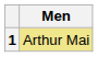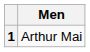 <table class="wikitable">
 <tr>
 <th></th>
 <th>Men</th>
 </tr>
 <tr>
 <th>1</th>
-<td style="background: khaki;">Arthur Mai</td>
+<td>Arthur Mai</td>
 </tr>
 </table>
